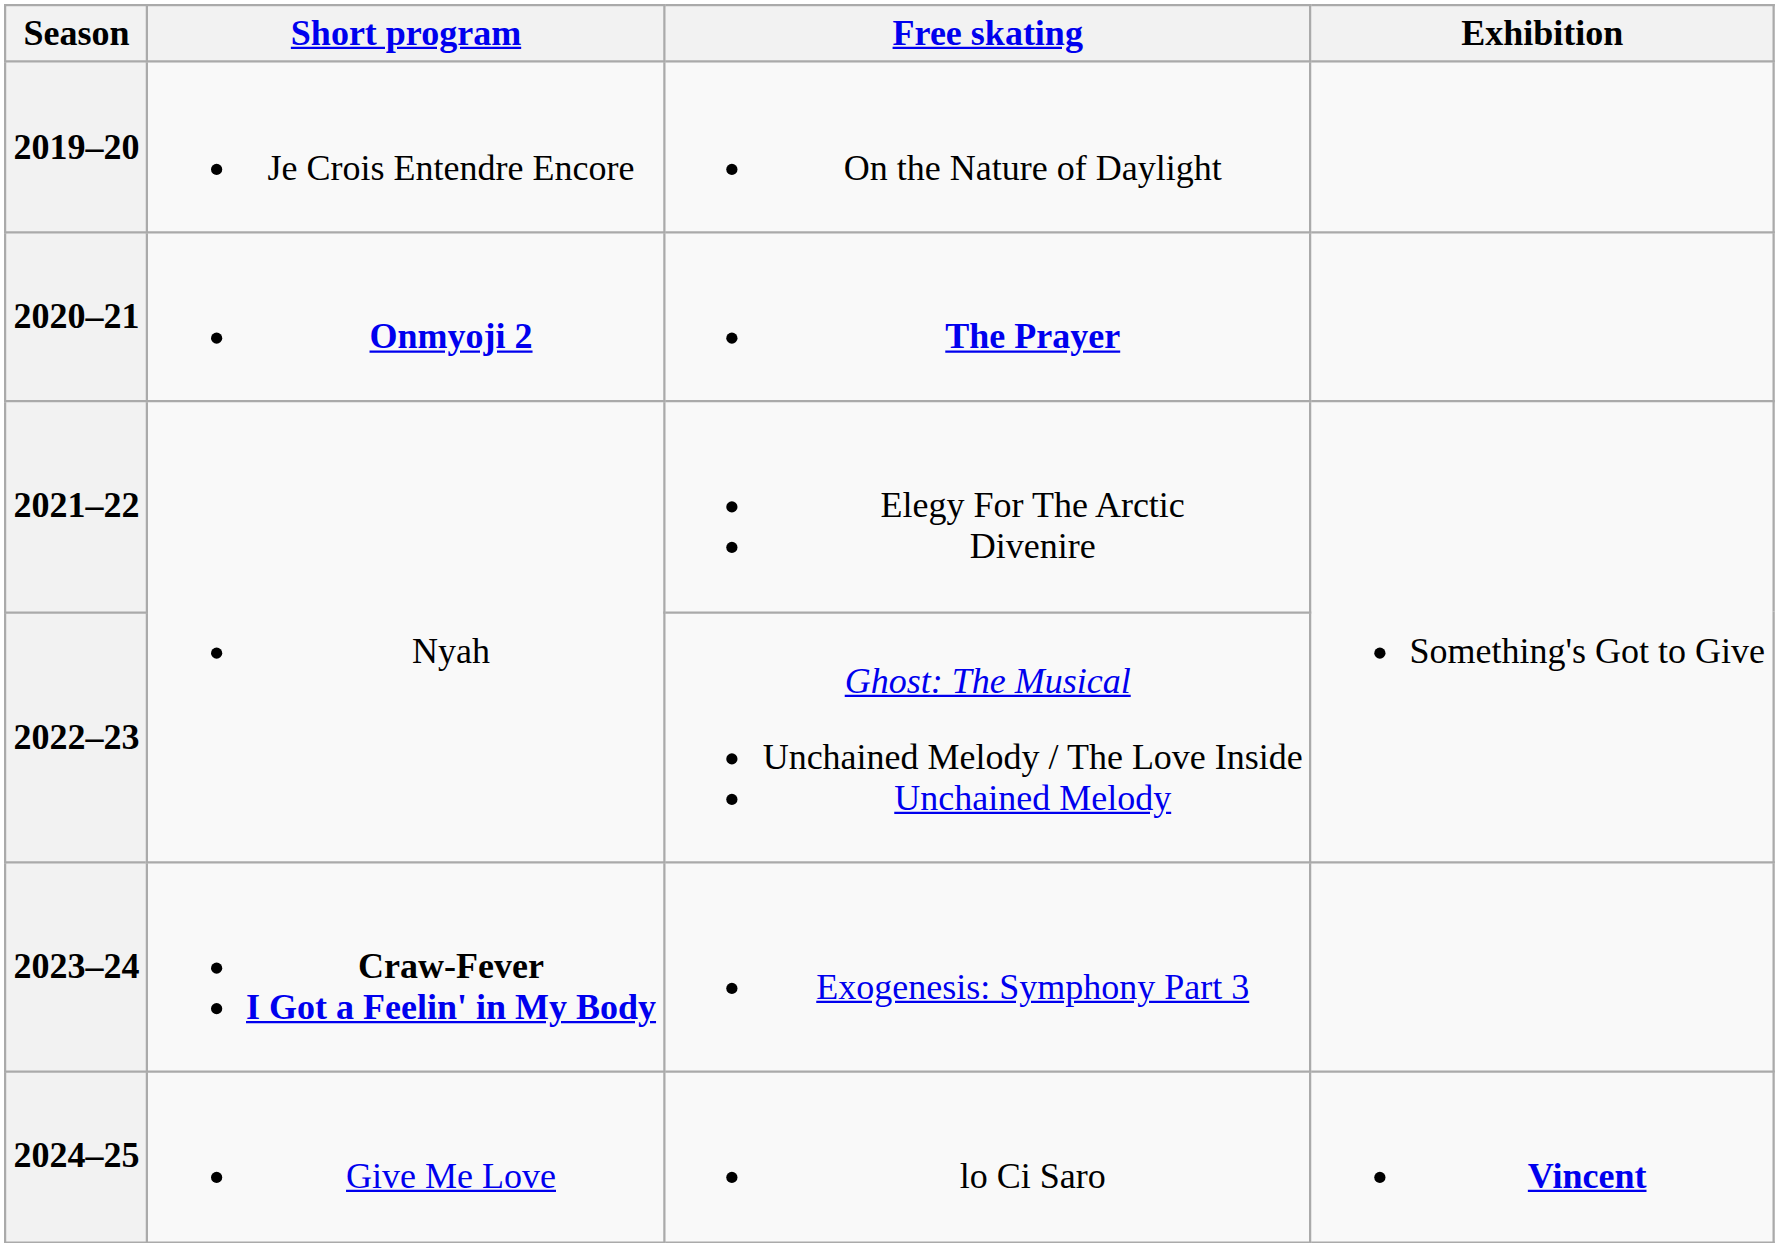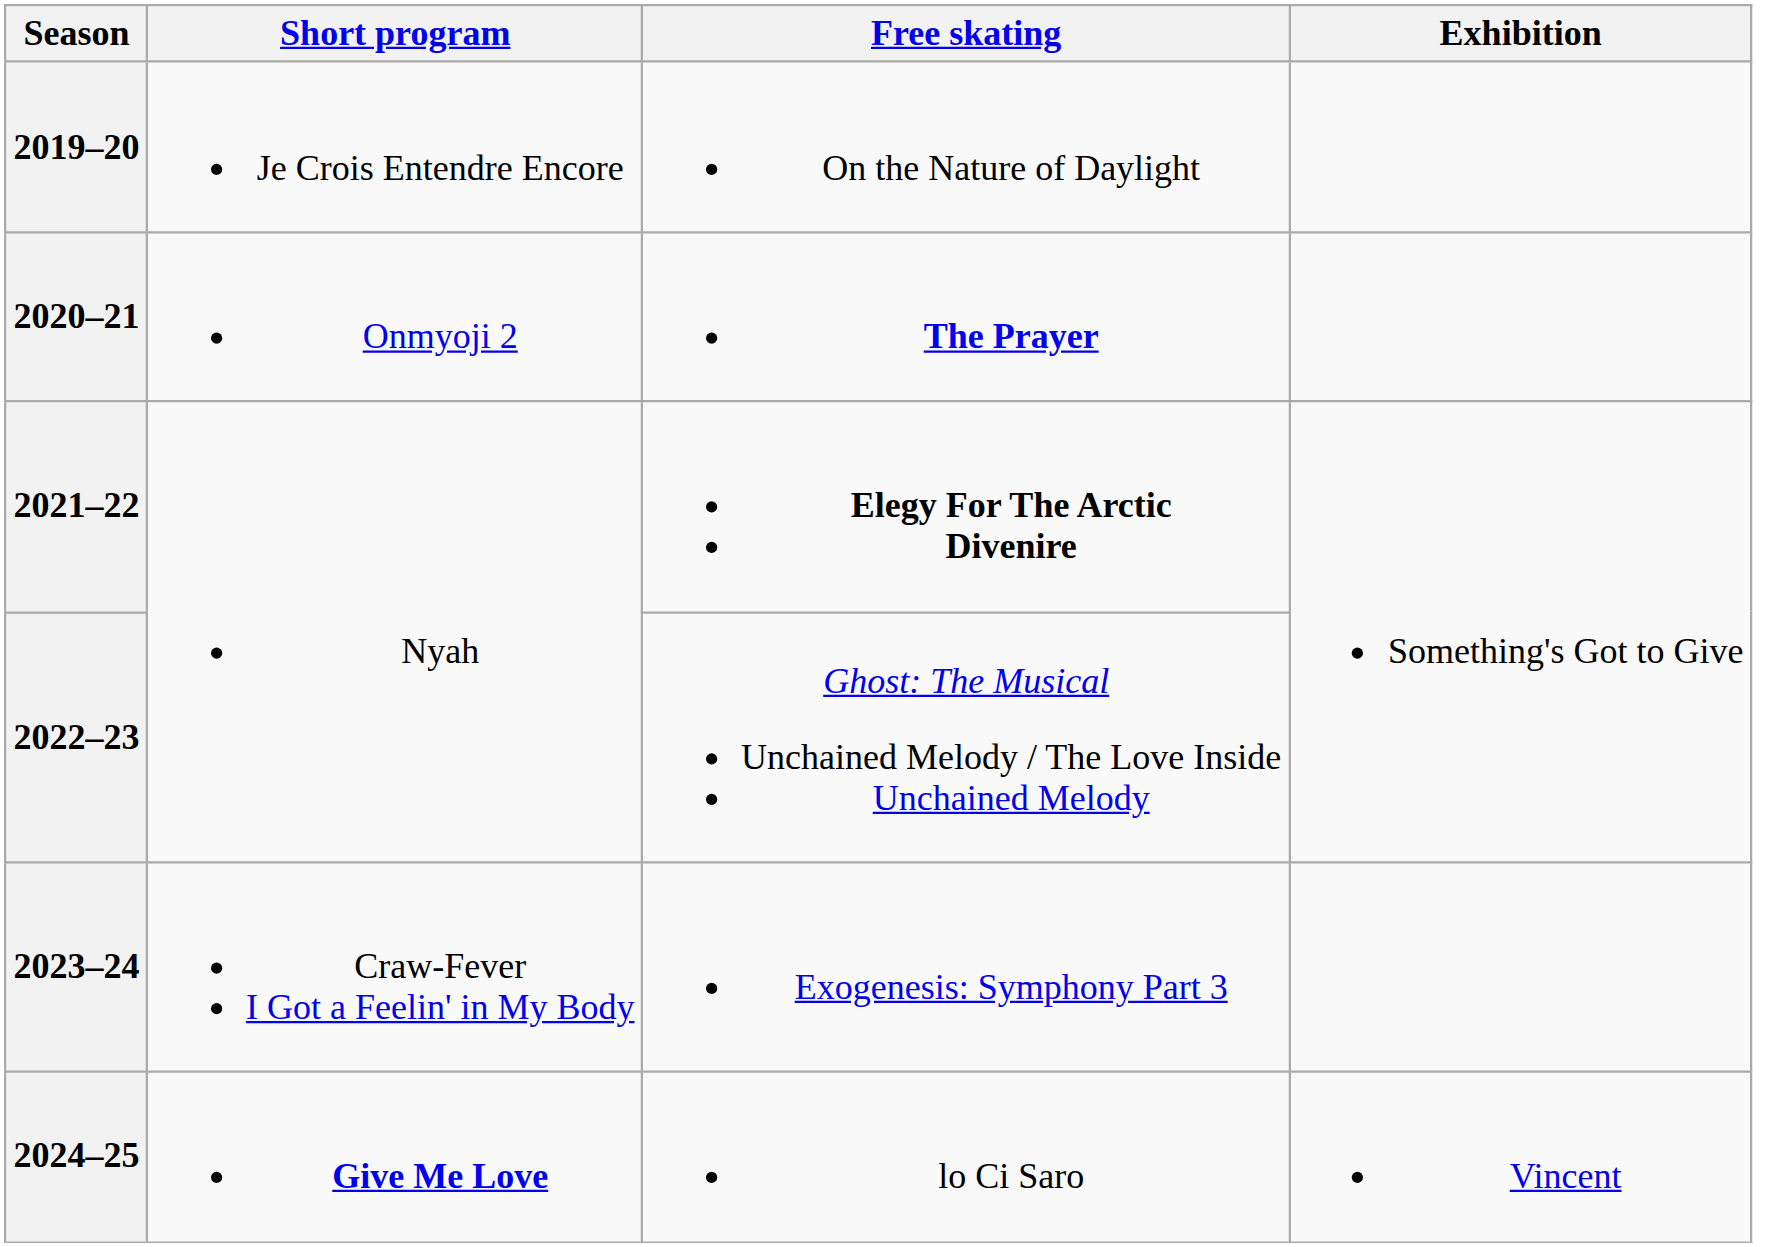 <table class=wikitable style=text-align:center>
 <tr>
 <th>Season</th>
 <th><a href='#'>Short program</a></th>
 <th><a href='#'>Free skating</a></th>
 <th>Exhibition</th>
 </tr>
 <tr>
 <th>2019–20 <br> </th>
 <td><br><ul><li>Je Crois Entendre Encore <br></li></ul></td>
 <td><br><ul><li>On the Nature of Daylight <br></li></ul></td>
 <td></td>
 </tr>
 <tr>
 <th>2020–21 <br> </th>
-<td><strong><br><ul><li><a href='#'>Onmyoji 2</a> <br></li></ul></strong></td>
+<td><br><ul><li><a href='#'>Onmyoji 2</a> <br></li></ul></td>
 <td><strong><br><ul><li><a href='#'>The Prayer</a> <br></li></ul></strong></td>
 </tr>
 <tr>
 <th>2021–22 <br> </th>
 <td rowspan=2><br><ul><li>Nyah <br></li></ul></td>
-<td><br><ul><li>Elegy For The Arctic</li><li>Divenire <br></li></ul></td>
+<td><strong><br><ul><li>Elegy For The Arctic</li><li>Divenire <br></li></ul></strong></td>
 <td rowspan=2><br><ul><li>Something's Got to Give <br> </li></ul></td>
 </tr>
 <tr>
 <th>2022–23 <br> </th>
 <td><br><em><a href='#'>Ghost: The Musical</a></em><ul><li>Unchained Melody / The Love Inside <br></li><li><a href='#'>Unchained Melody</a> <br></li></ul></td>
 </tr>
 <tr>
 <th>2023–24 <br> </th>
-<td><strong><br><ul><li>Craw-Fever</li><li><a href='#'>I Got a Feelin' in My Body</a> <br></li></ul></strong></td>
+<td><br><ul><li>Craw-Fever</li><li><a href='#'>I Got a Feelin' in My Body</a> <br></li></ul></td>
 <td><br><ul><li><a href='#'>Exogenesis: Symphony Part 3</a> <br></li></ul></td>
 <td></td>
 </tr>
 <tr>
 <th>2024–25 <br> </th>
-<td><br><ul><li><a href='#'>Give Me Love</a> <br></li></ul></td>
+<td><strong><br><ul><li><a href='#'>Give Me Love</a> <br></li></ul></strong></td>
 <td><br><ul><li>lo Ci Saro  <br></li></ul></td>
-<td><strong><br><ul><li><a href='#'>Vincent</a> <br> </li></ul></strong></td>
+<td><br><ul><li><a href='#'>Vincent</a> <br> </li></ul></td>
 </tr>
 </table>
